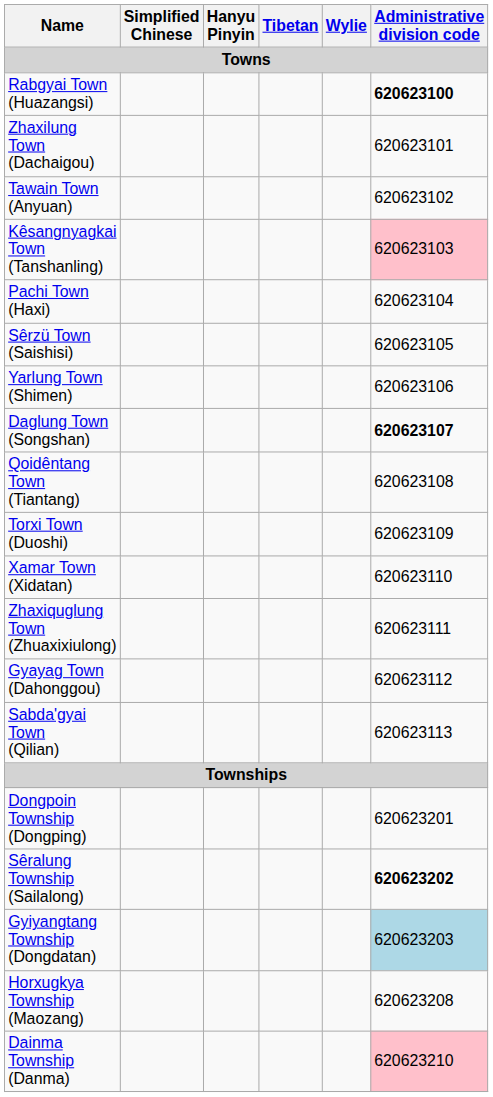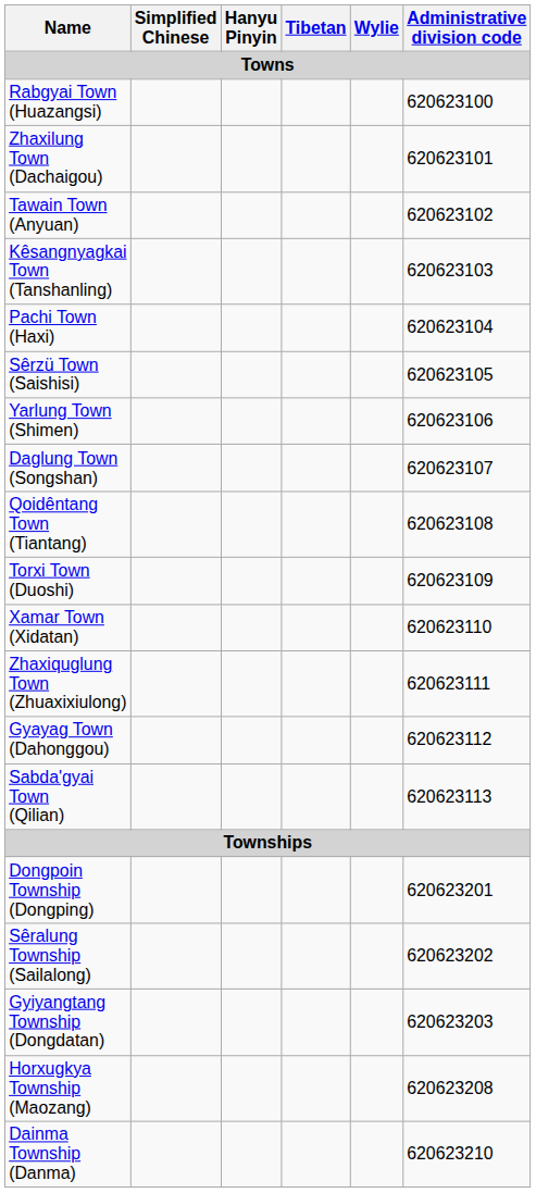 <table class="wikitable" align="center" style="width:50%; border="1">
 <tr>
 <th>Name</th>
 <th>Simplified Chinese</th>
 <th>Hanyu Pinyin</th>
 <th><a href='#'>Tibetan</a></th>
 <th><a href='#'>Wylie</a></th>
 <th><a href='#'>Administrative division code</a></th>
 </tr>
 <tr>
 <td colspan="7"  style="text-align:center; background:#d3d3d3;"><strong>Towns</strong></td>
 </tr>
 <tr --------->
 <td><a href='#'>Rabgyai Town</a><br>(Huazangsi)</td>
 <td></td>
 <td></td>
 <td></td>
 <td></td>
-<td><strong>620623100</strong></td>
+<td>620623100</td>
 </tr>
 <tr>
 <td><a href='#'>Zhaxilung Town</a><br>(Dachaigou)</td>
 <td></td>
 <td></td>
 <td></td>
 <td></td>
 <td>620623101</td>
 </tr>
 <tr>
 <td><a href='#'>Tawain Town</a><br>(Anyuan)</td>
 <td></td>
 <td></td>
 <td></td>
 <td></td>
 <td>620623102</td>
 </tr>
 <tr>
 <td><a href='#'>Kêsangnyagkai Town</a><br>(Tanshanling)</td>
 <td></td>
 <td></td>
 <td></td>
 <td></td>
-<td style="background: pink;">620623103</td>
+<td>620623103</td>
 </tr>
 <tr>
 <td><a href='#'>Pachi Town</a><br>(Haxi)</td>
 <td></td>
 <td></td>
 <td></td>
 <td></td>
 <td>620623104</td>
 </tr>
 <tr>
 <td><a href='#'>Sêrzü Town</a><br>(Saishisi)</td>
 <td></td>
 <td></td>
 <td></td>
 <td></td>
 <td>620623105</td>
 </tr>
 <tr>
 <td><a href='#'>Yarlung Town</a><br>(Shimen)</td>
 <td></td>
 <td></td>
 <td></td>
 <td></td>
 <td>620623106</td>
 </tr>
 <tr>
 <td><a href='#'>Daglung Town</a><br>(Songshan)</td>
 <td></td>
 <td></td>
 <td></td>
 <td></td>
-<td><strong>620623107</strong></td>
+<td>620623107</td>
 </tr>
 <tr>
 <td><a href='#'>Qoidêntang Town</a><br>(Tiantang)</td>
 <td></td>
 <td></td>
 <td></td>
 <td></td>
 <td>620623108</td>
 </tr>
 <tr>
 <td><a href='#'>Torxi Town</a><br>(Duoshi)</td>
 <td></td>
 <td></td>
 <td></td>
 <td></td>
 <td>620623109</td>
 </tr>
 <tr>
 <td><a href='#'>Xamar Town</a><br>(Xidatan)</td>
 <td></td>
 <td></td>
 <td></td>
 <td></td>
 <td>620623110</td>
 </tr>
 <tr>
 <td><a href='#'>Zhaxiquglung Town</a><br>(Zhuaxixiulong)</td>
 <td></td>
 <td></td>
 <td></td>
 <td></td>
 <td>620623111</td>
 </tr>
 <tr>
 <td><a href='#'>Gyayag Town</a><br>(Dahonggou)</td>
 <td></td>
 <td></td>
 <td></td>
 <td></td>
 <td>620623112</td>
 </tr>
 <tr>
 <td><a href='#'>Sabda'gyai Town</a><br>(Qilian)</td>
 <td></td>
 <td></td>
 <td></td>
 <td></td>
 <td>620623113</td>
 </tr>
 <tr>
 <td colspan="7"  style="text-align:center; background:#d3d3d3;"><strong>Townships</strong></td>
 </tr>
 <tr --------->
 <td><a href='#'>Dongpoin Township</a><br>(Dongping)</td>
 <td></td>
 <td></td>
 <td></td>
 <td></td>
 <td>620623201</td>
 </tr>
 <tr>
 <td><a href='#'>Sêralung Township</a><br>(Sailalong)</td>
 <td></td>
 <td></td>
 <td></td>
 <td></td>
-<td><strong>620623202</strong></td>
+<td>620623202</td>
 </tr>
 <tr>
 <td><a href='#'>Gyiyangtang Township</a><br>(Dongdatan)</td>
 <td></td>
 <td></td>
 <td></td>
 <td></td>
-<td style="background: lightblue;">620623203</td>
+<td>620623203</td>
 </tr>
 <tr>
 <td><a href='#'>Horxugkya Township</a><br>(Maozang)</td>
 <td></td>
 <td></td>
 <td></td>
 <td></td>
 <td>620623208</td>
 </tr>
 <tr>
 <td><a href='#'>Dainma Township</a><br>(Danma)</td>
 <td></td>
 <td></td>
 <td></td>
 <td></td>
-<td style="background: pink;">620623210</td>
+<td>620623210</td>
 </tr>
 <tr>
 </tr>
 </table>
